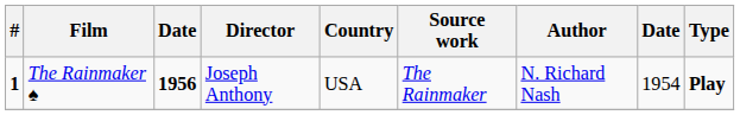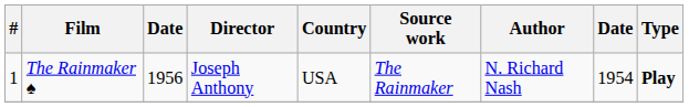 <table class="wikitable">
 <tr>
 <th>#</th>
 <th>Film</th>
 <th>Date</th>
 <th>Director</th>
 <th>Country</th>
 <th>Source<br>work</th>
 <th>Author</th>
 <th>Date</th>
 <th>Type</th>
 </tr>
 <tr>
-<td><strong>1</strong></td>
+<td>1</td>
 <td><em><a href='#'>The Rainmaker</a></em> ♠</td>
-<td><strong>1956</strong></td>
+<td>1956</td>
 <td><a href='#'>Joseph Anthony</a></td>
 <td>USA</td>
 <td><em><a href='#'>The Rainmaker</a></em></td>
 <td><a href='#'>N. Richard Nash</a></td>
 <td>1954</td>
 <td><strong>Play</strong></td>
 </tr>
 <tr>
 </tr>
 </table>
